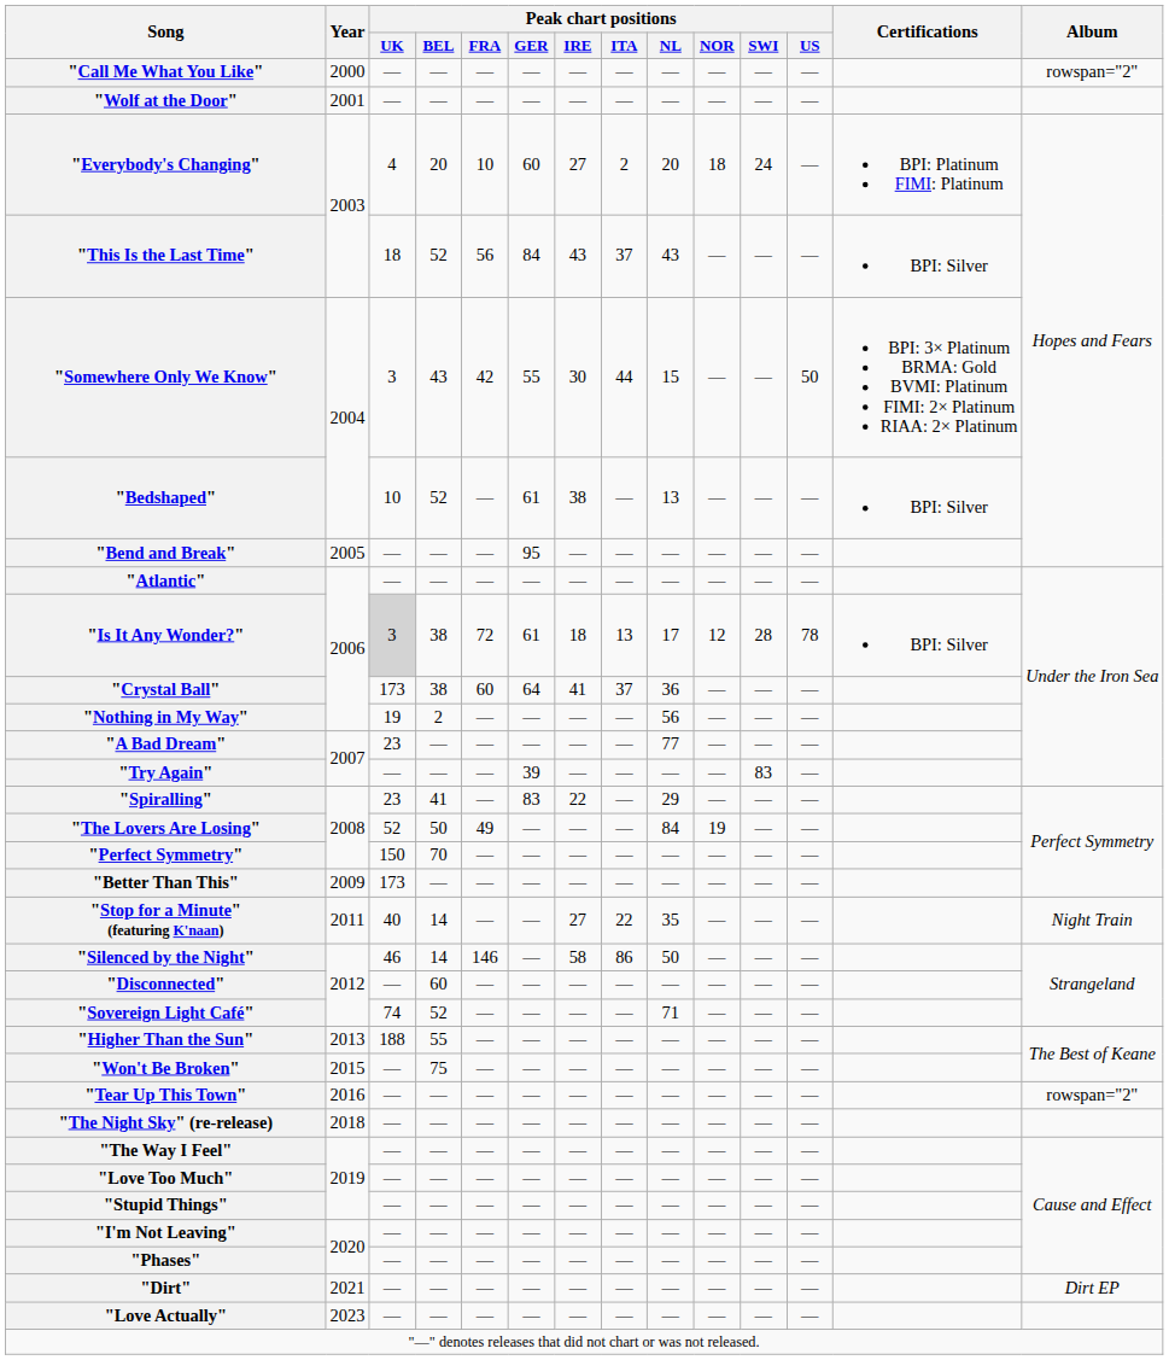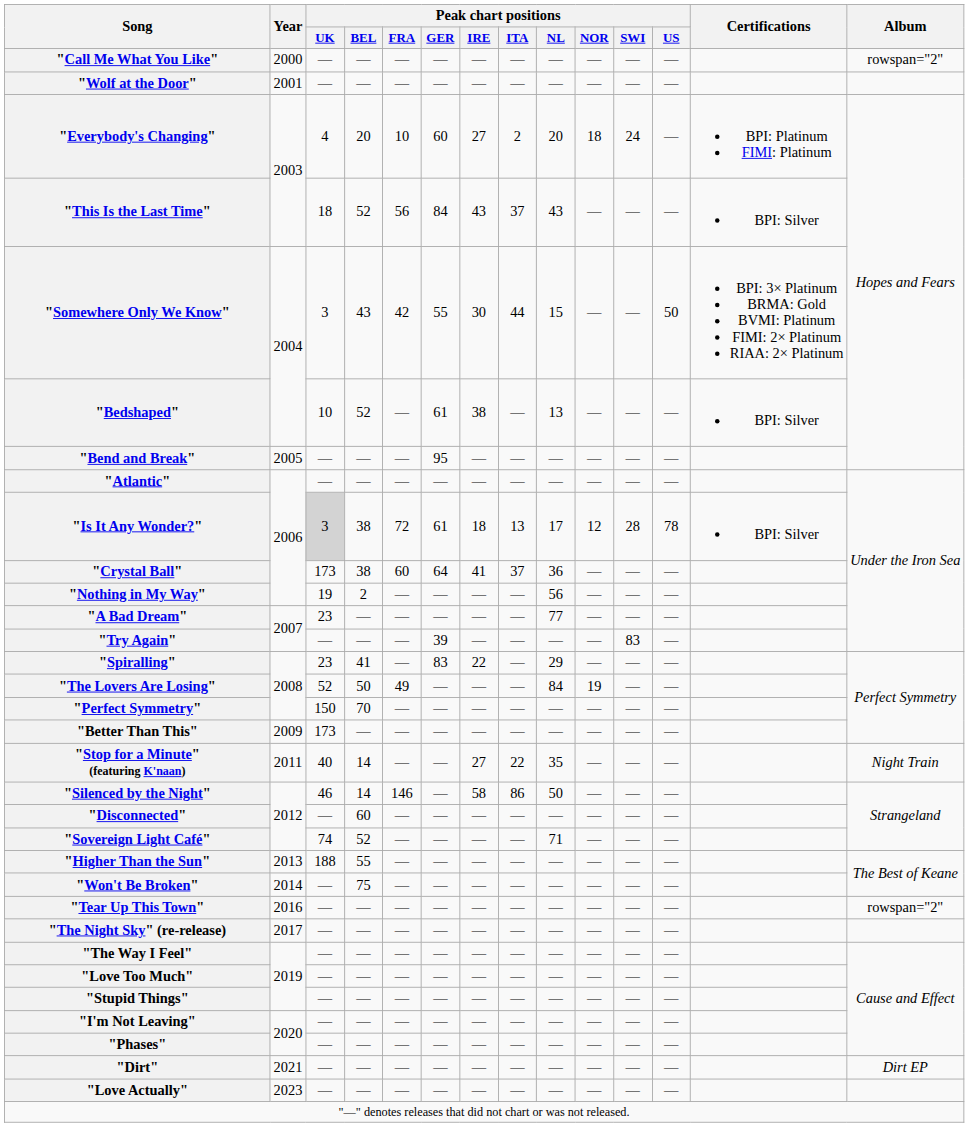 <table class="wikitable plainrowheaders" style="text-align:center;">
 <tr>
 <th scope="col" rowspan="2" style="width:18em;">Song</th>
 <th scope="col" rowspan="2">Year</th>
 <th scope="col" colspan="10">Peak chart positions</th>
 <th scope="col" rowspan="2">Certifications</th>
 <th scope="col" rowspan="2">Album</th>
 </tr>
 <tr>
 <th scope="col" style="width:2.5em;font-size:90%;"><a href='#'>UK</a><br></th>
 <th scope="col" style="width:2.5em;font-size:90%;"><a href='#'>BEL</a><br></th>
 <th scope="col" style="width:2.5em;font-size:90%;"><a href='#'>FRA</a><br></th>
 <th scope="col" style="width:2.5em;font-size:90%;"><a href='#'>GER</a><br></th>
 <th scope="col" style="width:2.5em;font-size:90%;"><a href='#'>IRE</a><br></th>
 <th scope="col" style="width:2.5em;font-size:90%;"><a href='#'>ITA</a><br></th>
 <th scope="col" style="width:2.5em;font-size:90%;"><a href='#'>NL</a><br></th>
 <th scope="col" style="width:2.5em;font-size:90%;"><a href='#'>NOR</a><br></th>
 <th scope="col" style="width:2.5em;font-size:90%;"><a href='#'>SWI</a><br></th>
 <th scope="col" style="width:2.5em;font-size:90%;"><a href='#'>US</a><br></th>
 </tr>
 <tr>
 <th scope="row">"<a href='#'>Call Me What You Like</a>"</th>
 <td>2000</td>
 <td>—</td>
 <td>—</td>
 <td>—</td>
 <td>—</td>
 <td>—</td>
 <td>—</td>
 <td>—</td>
 <td>—</td>
 <td>—</td>
 <td>—</td>
 <td></td>
 <td>rowspan="2" </td>
 </tr>
 <tr>
 <th scope="row">"<a href='#'>Wolf at the Door</a>"</th>
 <td>2001</td>
 <td>—</td>
 <td>—</td>
 <td>—</td>
 <td>—</td>
 <td>—</td>
 <td>—</td>
 <td>—</td>
 <td>—</td>
 <td>—</td>
 <td>—</td>
 <td></td>
 </tr>
 <tr>
 <th scope="row">"<a href='#'>Everybody's Changing</a>"</th>
 <td rowspan="2">2003</td>
 <td>4</td>
 <td>20</td>
 <td>10</td>
 <td>60</td>
 <td>27</td>
 <td>2</td>
 <td>20</td>
 <td>18</td>
 <td>24</td>
 <td>—</td>
 <td><br><ul><li>BPI: Platinum</li><li><a href='#'>FIMI</a>: Platinum</li></ul></td>
 <td rowspan="5"><em>Hopes and Fears</em></td>
 </tr>
 <tr>
 <th scope="row">"<a href='#'>This Is the Last Time</a>"</th>
 <td>18</td>
 <td>52</td>
 <td>56</td>
 <td>84</td>
 <td>43</td>
 <td>37</td>
 <td>43</td>
 <td>—</td>
 <td>—</td>
 <td>—</td>
 <td><br><ul><li>BPI: Silver</li></ul></td>
 </tr>
 <tr>
 <th scope="row">"<a href='#'>Somewhere Only We Know</a>"</th>
 <td rowspan="2">2004</td>
 <td>3</td>
 <td>43</td>
 <td>42</td>
 <td>55</td>
 <td>30</td>
 <td>44</td>
 <td>15</td>
 <td>—</td>
 <td>—</td>
 <td>50</td>
 <td><br><ul><li>BPI: 3× Platinum</li><li>BRMA: Gold</li><li>BVMI: Platinum</li><li>FIMI: 2× Platinum</li><li>RIAA: 2× Platinum</li></ul></td>
 </tr>
 <tr>
 <th scope="row">"<a href='#'>Bedshaped</a>"</th>
 <td>10</td>
 <td>52</td>
 <td>—</td>
 <td>61</td>
 <td>38</td>
 <td>—</td>
 <td>13</td>
 <td>—</td>
 <td>—</td>
 <td>—</td>
 <td><br><ul><li>BPI: Silver</li></ul></td>
 </tr>
 <tr>
 <th scope="row">"<a href='#'>Bend and Break</a>"</th>
 <td>2005</td>
 <td>—</td>
 <td>—</td>
 <td>—</td>
 <td>95</td>
 <td>—</td>
 <td>—</td>
 <td>—</td>
 <td>—</td>
 <td>—</td>
 <td>—</td>
 <td></td>
 </tr>
 <tr>
 <th scope="row">"<a href='#'>Atlantic</a>"</th>
 <td rowspan="4">2006</td>
 <td>—</td>
 <td>—</td>
 <td>—</td>
 <td>—</td>
 <td>—</td>
 <td>—</td>
 <td>—</td>
 <td>—</td>
 <td>—</td>
 <td>—</td>
 <td></td>
 <td rowspan="6"><em>Under the Iron Sea</em></td>
 </tr>
 <tr>
 <th scope="row">"<a href='#'>Is It Any Wonder?</a>"</th>
 <td style="background: lightgrey;">3</td>
 <td>38</td>
 <td>72</td>
 <td>61</td>
 <td>18</td>
 <td>13</td>
 <td>17</td>
 <td>12</td>
 <td>28</td>
 <td>78</td>
 <td><br><ul><li>BPI: Silver</li></ul></td>
 </tr>
 <tr>
 <th scope="row">"<a href='#'>Crystal Ball</a>"</th>
 <td>173</td>
 <td>38</td>
 <td>60</td>
 <td>64</td>
 <td>41</td>
 <td>37</td>
 <td>36</td>
 <td>—</td>
 <td>—</td>
 <td>—</td>
 <td></td>
 </tr>
 <tr>
 <th scope="row">"<a href='#'>Nothing in My Way</a>"</th>
 <td>19</td>
 <td>2</td>
 <td>—</td>
 <td>—</td>
 <td>—</td>
 <td>—</td>
 <td>56</td>
 <td>—</td>
 <td>—</td>
 <td>—</td>
 <td></td>
 </tr>
 <tr>
 <th scope="row">"<a href='#'>A Bad Dream</a>"</th>
 <td rowspan="2">2007</td>
 <td>23</td>
 <td>—</td>
 <td>—</td>
 <td>—</td>
 <td>—</td>
 <td>—</td>
 <td>77</td>
 <td>—</td>
 <td>—</td>
 <td>—</td>
 <td></td>
 </tr>
 <tr>
 <th scope="row">"<a href='#'>Try Again</a>"</th>
 <td>—</td>
 <td>—</td>
 <td>—</td>
 <td>39</td>
 <td>—</td>
 <td>—</td>
 <td>—</td>
 <td>—</td>
 <td>83</td>
 <td>—</td>
 <td></td>
 </tr>
 <tr>
 <th scope="row">"<a href='#'>Spiralling</a>"</th>
 <td rowspan="3">2008</td>
 <td>23</td>
 <td>41</td>
 <td>—</td>
 <td>83</td>
 <td>22</td>
 <td>—</td>
 <td>29</td>
 <td>—</td>
 <td>—</td>
 <td>—</td>
 <td></td>
 <td rowspan="4"><em>Perfect Symmetry</em></td>
 </tr>
 <tr>
 <th scope="row">"<a href='#'>The Lovers Are Losing</a>"</th>
 <td>52</td>
 <td>50</td>
 <td>49</td>
 <td>—</td>
 <td>—</td>
 <td>—</td>
 <td>84</td>
 <td>19</td>
 <td>—</td>
 <td>—</td>
 <td></td>
 </tr>
 <tr>
 <th scope="row">"<a href='#'>Perfect Symmetry</a>"</th>
 <td>150</td>
 <td>70</td>
 <td>—</td>
 <td>—</td>
 <td>—</td>
 <td>—</td>
 <td>—</td>
 <td>—</td>
 <td>—</td>
 <td>—</td>
 <td></td>
 </tr>
 <tr>
 <th scope="row">"Better Than This"</th>
 <td>2009</td>
 <td>173</td>
 <td>—</td>
 <td>—</td>
 <td>—</td>
 <td>—</td>
 <td>—</td>
 <td>—</td>
 <td>—</td>
 <td>—</td>
 <td>—</td>
 <td></td>
 </tr>
 <tr>
 <th scope="row">"<a href='#'>Stop for a Minute</a>" <br><small>(featuring <a href='#'>K'naan</a>)</small></th>
 <td>2011</td>
 <td>40</td>
 <td>14</td>
 <td>—</td>
 <td>—</td>
 <td>27</td>
 <td>22</td>
 <td>35</td>
 <td>—</td>
 <td>—</td>
 <td>—</td>
 <td></td>
 <td><em>Night Train</em></td>
 </tr>
 <tr>
 <th scope="row">"<a href='#'>Silenced by the Night</a>"</th>
 <td rowspan="3">2012</td>
 <td>46</td>
 <td>14</td>
 <td>146</td>
 <td>—</td>
 <td>58</td>
 <td>86</td>
 <td>50</td>
 <td>—</td>
 <td>—</td>
 <td>—</td>
 <td></td>
 <td rowspan="3"><em>Strangeland</em></td>
 </tr>
 <tr>
 <th scope="row">"<a href='#'>Disconnected</a>"</th>
 <td>—</td>
 <td>60</td>
 <td>—</td>
 <td>—</td>
 <td>—</td>
 <td>—</td>
 <td>—</td>
 <td>—</td>
 <td>—</td>
 <td>—</td>
 <td></td>
 </tr>
 <tr>
 <th scope="row">"<a href='#'>Sovereign Light Café</a>"</th>
 <td>74</td>
 <td>52</td>
 <td>—</td>
 <td>—</td>
 <td>—</td>
 <td>—</td>
 <td>71</td>
 <td>—</td>
 <td>—</td>
 <td>—</td>
 <td></td>
 </tr>
 <tr>
 <th scope="row">"<a href='#'>Higher Than the Sun</a>"</th>
 <td>2013</td>
 <td>188</td>
 <td>55</td>
 <td>—</td>
 <td>—</td>
 <td>—</td>
 <td>—</td>
 <td>—</td>
 <td>—</td>
 <td>—</td>
 <td>—</td>
 <td></td>
 <td rowspan="2"><em>The Best of Keane</em></td>
 </tr>
 <tr>
 <th scope="row">"<a href='#'>Won't Be Broken</a>"</th>
-<td>2015</td>
+<td>2014</td>
 <td>—</td>
 <td>75</td>
 <td>—</td>
 <td>—</td>
 <td>—</td>
 <td>—</td>
 <td>—</td>
 <td>—</td>
 <td>—</td>
 <td>—</td>
 <td></td>
 </tr>
 <tr>
 <th scope="row">"<a href='#'>Tear Up This Town</a>"</th>
 <td>2016</td>
 <td>—</td>
 <td>—</td>
 <td>—</td>
 <td>—</td>
 <td>—</td>
 <td>—</td>
 <td>—</td>
 <td>—</td>
 <td>—</td>
 <td>—</td>
 <td></td>
 <td>rowspan="2" </td>
 </tr>
 <tr>
 <th scope="row">"<a href='#'>The Night Sky</a>" (re-release)</th>
-<td>2018</td>
+<td>2017</td>
 <td>—</td>
 <td>—</td>
 <td>—</td>
 <td>—</td>
 <td>—</td>
 <td>—</td>
 <td>—</td>
 <td>—</td>
 <td>—</td>
 <td>—</td>
 <td></td>
 </tr>
 <tr>
 <th scope="row">"The Way I Feel"</th>
 <td rowspan="3">2019</td>
 <td>—</td>
 <td>—</td>
 <td>—</td>
 <td>—</td>
 <td>—</td>
 <td>—</td>
 <td>—</td>
 <td>—</td>
 <td>—</td>
 <td>—</td>
 <td></td>
 <td rowspan="5"><em>Cause and Effect</em></td>
 </tr>
 <tr>
 <th scope="row">"Love Too Much"</th>
 <td>—</td>
 <td>—</td>
 <td>—</td>
 <td>—</td>
 <td>—</td>
 <td>—</td>
 <td>—</td>
 <td>—</td>
 <td>—</td>
 <td>—</td>
 </tr>
 <tr>
 <th scope="row">"Stupid Things"</th>
 <td>—</td>
 <td>—</td>
 <td>—</td>
 <td>—</td>
 <td>—</td>
 <td>—</td>
 <td>—</td>
 <td>—</td>
 <td>—</td>
 <td>—</td>
 <td></td>
 </tr>
 <tr>
 <th scope="row">"I'm Not Leaving"</th>
 <td rowspan="2">2020</td>
 <td>—</td>
 <td>—</td>
 <td>—</td>
 <td>—</td>
 <td>—</td>
 <td>—</td>
 <td>—</td>
 <td>—</td>
 <td>—</td>
 <td>—</td>
 <td></td>
 </tr>
 <tr>
 <th scope="row">"Phases"</th>
 <td>—</td>
 <td>—</td>
 <td>—</td>
 <td>—</td>
 <td>—</td>
 <td>—</td>
 <td>—</td>
 <td>—</td>
 <td>—</td>
 <td>—</td>
 <td></td>
 </tr>
 <tr>
 <th scope="row">"Dirt"</th>
 <td>2021</td>
 <td>—</td>
 <td>—</td>
 <td>—</td>
 <td>—</td>
 <td>—</td>
 <td>—</td>
 <td>—</td>
 <td>—</td>
 <td>—</td>
 <td>—</td>
 <td></td>
 <td><em>Dirt EP</em></td>
 </tr>
 <tr>
 <th scope="row">"Love Actually"</th>
 <td>2023</td>
 <td>—</td>
 <td>—</td>
 <td>—</td>
 <td>—</td>
 <td>—</td>
 <td>—</td>
 <td>—</td>
 <td>—</td>
 <td>—</td>
 <td>—</td>
 <td></td>
 <td></td>
 </tr>
 <tr>
 <td colspan="14" style="text-align:center; font-size:85%;">"—" denotes releases that did not chart or was not released.</td>
 </tr>
 </table>
